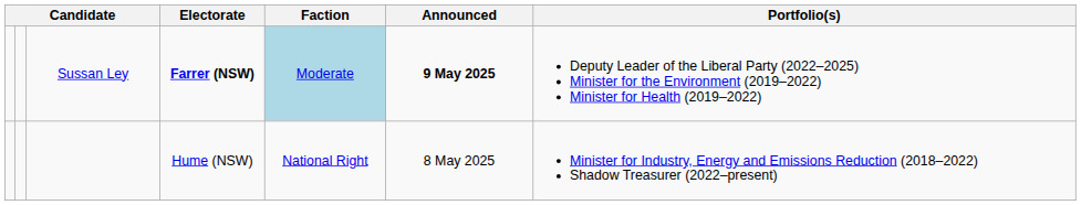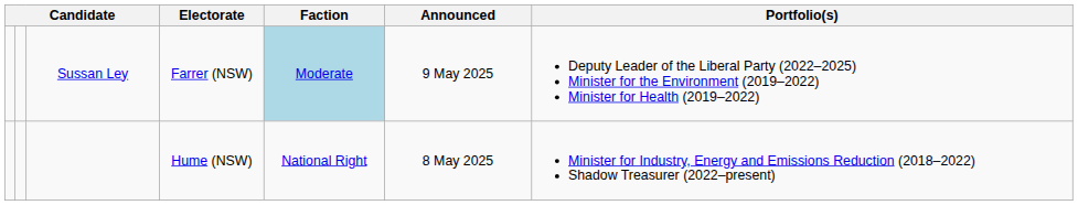 <table class="wikitable" style="text-align:center">
 <tr>
 <th width=175px; colspan=3>Candidate</th>
 <th width=115px>Electorate</th>
 <th width=135px>Faction</th>
 <th width=165px>Announced</th>
 <th width=630px>Portfolio(s)</th>
 </tr>
 <tr>
 <td width="3pt" > </td>
 <td></td>
 <td><a href='#'>Sussan Ley</a></td>
-<td><strong><a href='#'>Farrer</a> (NSW)</strong></td>
+<td><a href='#'>Farrer</a> (NSW)</td>
 <td style="background: lightblue;"><a href='#'>Moderate</a></td>
-<td><strong>9 May 2025</strong></td>
+<td>9 May 2025</td>
 <td align=left><br><ul><li>Deputy Leader of the Liberal Party (2022–2025)</li><li><a href='#'>Minister for the Environment</a> (2019–2022)</li><li><a href='#'>Minister for Health</a> (2019–2022)</li></ul></td>
 </tr>
 <tr>
 <td width="3pt" > </td>
 <td></td>
 <td></td>
 <td><a href='#'>Hume</a> (NSW)</td>
 <td><a href='#'>National Right</a></td>
 <td>8 May 2025</td>
 <td align=left><br><ul><li><a href='#'>Minister for Industry, Energy and Emissions Reduction</a> (2018–2022)</li><li>Shadow Treasurer (2022–present)</li></ul></td>
 </tr>
 </table>
